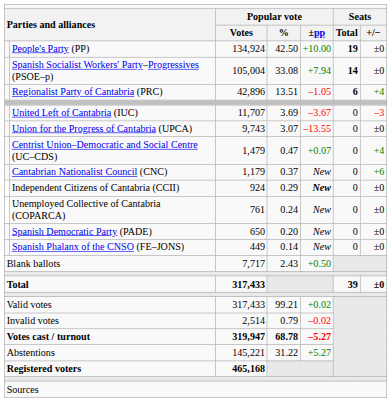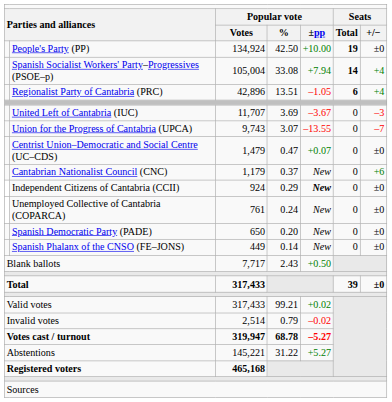 <table class="wikitable" style="text-align:right;">
 <tr>
 <td colspan="7"></td>
 </tr>
 <tr>
 <th style="text-align:left;" rowspan="2" colspan="2" width="525">Parties and alliances</th>
 <th colspan="3">Popular vote</th>
 <th colspan="2">Seats</th>
 </tr>
 <tr>
 <th width="75">Votes</th>
 <th width="45">%</th>
 <th width="45">±<a href='#'>pp</a></th>
 <th width="35">Total</th>
 <th width="35">+/−</th>
 </tr>
 <tr>
 <td width="1" style="color:inherit;background:"></td>
 <td align="left"><a href='#'>People's Party</a> (PP)</td>
 <td>134,924</td>
 <td>42.50</td>
 <td style="color:green;">+10.00</td>
 <td><strong>19</strong></td>
 <td>±0</td>
 </tr>
 <tr>
 <td style="color:inherit;background:"></td>
 <td align="left"><a href='#'>Spanish Socialist Workers' Party</a>–<a href='#'>Progressives</a> (PSOE–p)</td>
 <td>105,004</td>
 <td>33.08</td>
 <td style="color:green;">+7.94</td>
 <td><strong>14</strong></td>
-<td>±0</td>
+<td style="color:green;">+4</td>
 </tr>
 <tr>
 <td style="color:inherit;background:"></td>
 <td align="left"><a href='#'>Regionalist Party of Cantabria</a> (PRC)</td>
 <td>42,896</td>
 <td>13.51</td>
 <td style="color:red;">–1.05</td>
 <td><strong>6</strong></td>
 <td style="color:green;">+4</td>
 </tr>
 <tr>
 <td colspan="7" bgcolor="#C0C0C0"></td>
 </tr>
 <tr>
 <td style="color:inherit;background:"></td>
 <td align="left"><a href='#'>United Left of Cantabria</a> (IUC)</td>
 <td>11,707</td>
 <td>3.69</td>
 <td style="color:red;">–3.67</td>
 <td>0</td>
 <td style="color:red;">–3</td>
 </tr>
 <tr>
 <td style="color:inherit;background:"></td>
 <td align="left"><a href='#'>Union for the Progress of Cantabria</a> (UPCA)</td>
 <td>9,743</td>
 <td>3.07</td>
 <td style="color:red;">–13.55</td>
 <td>0</td>
-<td>±0</td>
+<td style="color:red;">–7</td>
 </tr>
 <tr>
 <td style="color:inherit;background:"></td>
 <td align="left"><a href='#'>Centrist Union–Democratic and Social Centre</a> (UC–CDS)</td>
 <td>1,479</td>
 <td>0.47</td>
 <td style="color:green;">+0.07</td>
 <td>0</td>
-<td style="color:green;">+4</td>
+<td>±0</td>
 </tr>
 <tr>
 <td style="color:inherit;background:"></td>
 <td align="left"><a href='#'>Cantabrian Nationalist Council</a> (CNC)</td>
 <td>1,179</td>
 <td>0.37</td>
 <td><em>New</em></td>
 <td>0</td>
 <td style="color:green;">+6</td>
 </tr>
 <tr>
 <td bgcolor="white"></td>
 <td align="left">Independent Citizens of Cantabria (CCII)</td>
 <td>924</td>
 <td>0.29</td>
 <td><strong><em>New</em></strong></td>
 <td>0</td>
 <td>±0</td>
 </tr>
 <tr>
 <td bgcolor="white"></td>
 <td align="left">Unemployed Collective of Cantabria (COPARCA)</td>
 <td>761</td>
 <td>0.24</td>
 <td><em>New</em></td>
 <td>0</td>
 <td>±0</td>
 </tr>
 <tr>
 <td style="color:inherit;background:"></td>
 <td align="left"><a href='#'>Spanish Democratic Party</a> (PADE)</td>
 <td>650</td>
 <td>0.20</td>
 <td><em>New</em></td>
 <td>0</td>
 <td>±0</td>
 </tr>
 <tr>
 <td style="color:inherit;background:"></td>
 <td align="left"><a href='#'>Spanish Phalanx of the CNSO</a> (FE–JONS)</td>
 <td>449</td>
 <td>0.14</td>
 <td><em>New</em></td>
 <td>0</td>
 <td>±0</td>
 </tr>
 <tr>
 <td align="left" colspan="2">Blank ballots</td>
 <td>7,717</td>
 <td>2.43</td>
 <td style="color:green;">+0.50</td>
 <td bgcolor="#E9E9E9" colspan="2"></td>
 </tr>
 <tr>
 <td colspan="7" bgcolor="#E9E9E9"></td>
 </tr>
 <tr style="font-weight:bold;">
 <td align="left" colspan="2">Total</td>
 <td>317,433</td>
 <td bgcolor="#E9E9E9" colspan="2"></td>
 <td>39</td>
 <td>±0</td>
 </tr>
 <tr>
 <td colspan="7" bgcolor="#E9E9E9"></td>
 </tr>
 <tr>
 <td align="left" colspan="2">Valid votes</td>
 <td>317,433</td>
 <td>99.21</td>
 <td style="color:green;">+0.02</td>
 <td bgcolor="#E9E9E9" colspan="2" rowspan="5"></td>
 </tr>
 <tr>
 <td align="left" colspan="2">Invalid votes</td>
 <td>2,514</td>
 <td>0.79</td>
 <td style="color:red;">–0.02</td>
 </tr>
 <tr style="font-weight:bold;">
 <td align="left" colspan="2">Votes cast / turnout</td>
 <td>319,947</td>
 <td>68.78</td>
 <td style="color:red;">–5.27</td>
 </tr>
 <tr>
 <td align="left" colspan="2">Abstentions</td>
 <td>145,221</td>
 <td>31.22</td>
 <td style="color:green;">+5.27</td>
 </tr>
 <tr style="font-weight:bold;">
 <td align="left" colspan="2">Registered voters</td>
 <td>465,168</td>
 <td bgcolor="#E9E9E9" colspan="2"></td>
 </tr>
 <tr>
 <td colspan="7" bgcolor="#E9E9E9"></td>
 </tr>
 <tr>
 <td align="left" colspan="7">Sources</td>
 </tr>
 </table>
